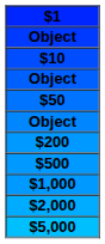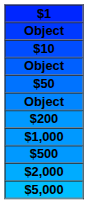 <table border=1 cellspacing=0 cellpadding=1 width=100px|->
 <tr>
 <td bgcolor="#0026FF" align=center><span><strong>$1</strong></span></td>
 </tr>
 <tr>
 <td bgcolor="#0039FF" align=center><span><strong>Object</strong></span></td>
 </tr>
 <tr>
 <td bgcolor="#004DFF" align=center><span><strong>$10</strong></span></td>
 </tr>
 <tr>
 <td bgcolor="#0060FF" align=center><span><strong>Object</strong></span></td>
 </tr>
 <tr>
 <td bgcolor="#0073FF" align=center><span><strong>$50</strong></span></td>
 </tr>
 <tr>
 <td bgcolor="#0086FF" align=center><span><strong>Object</strong></span></td>
 </tr>
 <tr>
 <td bgcolor="#0099FF" align=center><span><strong>$200</strong></span></td>
 </tr>
 <tr>
-<td bgcolor="#0099FF" align=center><span><strong>$500</strong></span></td>
+<td bgcolor="#0099FF" align=center><span><strong>$1,000</strong></span></td>
 </tr>
 <tr>
-<td bgcolor="#0099FF" align=center><span><strong>$1,000</strong></span></td>
+<td bgcolor="#0099FF" align=center><span><strong>$500</strong></span></td>
 </tr>
 <tr>
 <td bgcolor="#00ACFF" align=center><span><strong>$2,000</strong></span></td>
 </tr>
 <tr>
 <td bgcolor="#00BFFF" align=center><span><strong>$5,000</strong></span></td>
 </tr>
 </table>
